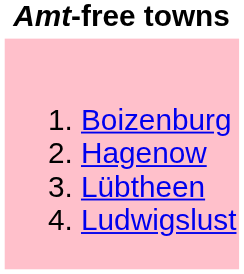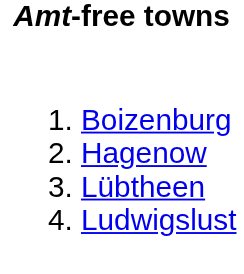 <table>
 <tr ---->
 <th><em>Amt</em>-free towns</th>
 </tr>
 <tr>
-<td valign=top style="background: pink;"><br><ol><li><a href='#'>Boizenburg</a></li><li><a href='#'>Hagenow</a></li><li><a href='#'>Lübtheen</a></li><li><a href='#'>Ludwigslust</a></li></ol></td>
+<td valign=top><br><ol><li><a href='#'>Boizenburg</a></li><li><a href='#'>Hagenow</a></li><li><a href='#'>Lübtheen</a></li><li><a href='#'>Ludwigslust</a></li></ol></td>
 </tr>
 </table>
